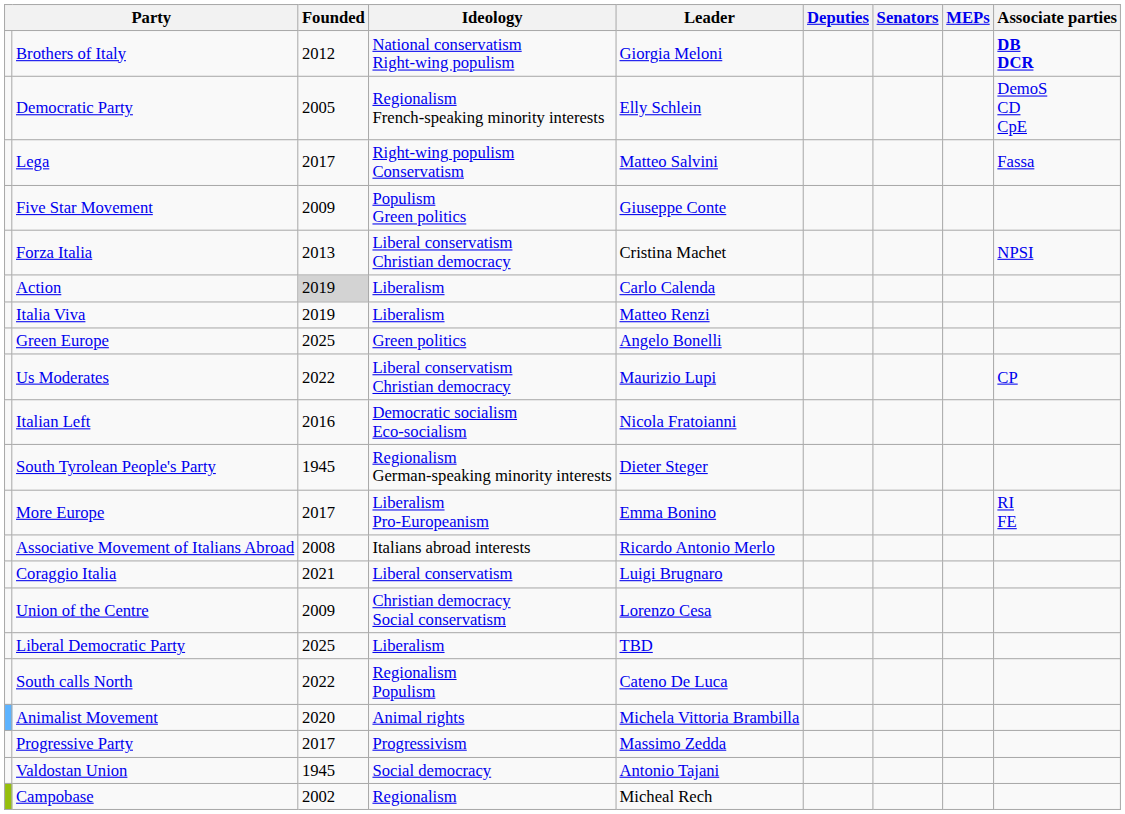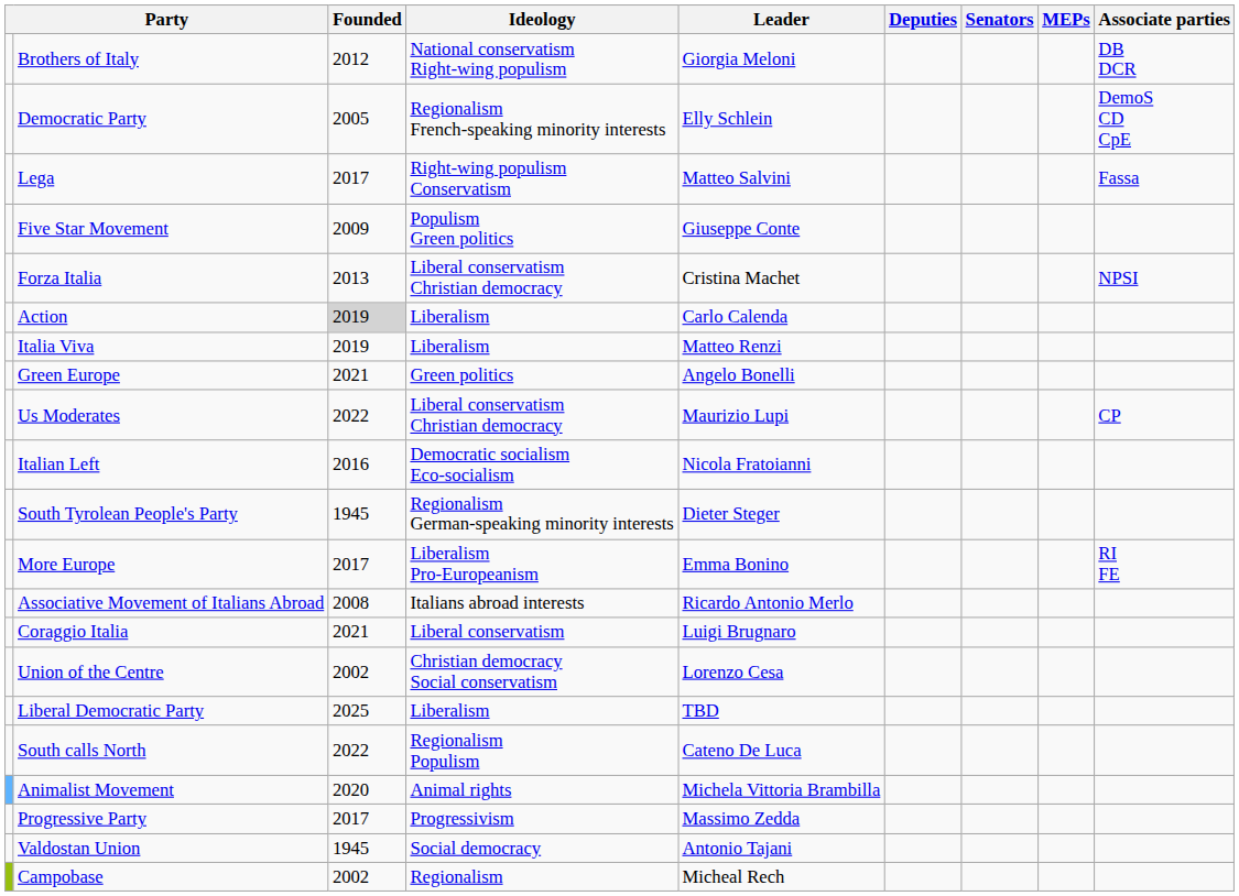 <table class="wikitable sortable">
 <tr>
 <th colspan="2">Party</th>
 <th>Founded</th>
 <th>Ideology</th>
 <th>Leader</th>
 <th><a href='#'>Deputies</a></th>
 <th><a href='#'>Senators</a></th>
 <th><a href='#'>MEPs</a></th>
 <th>Associate parties</th>
 </tr>
 <tr>
 <td></td>
 <td><a href='#'>Brothers of Italy</a><br></td>
 <td>2012</td>
 <td><a href='#'>National conservatism</a><br><a href='#'>Right-wing populism</a></td>
 <td><a href='#'>Giorgia Meloni</a></td>
 <td></td>
 <td></td>
 <td></td>
-<td><strong><a href='#'>DB</a><br><a href='#'>DCR</a></strong></td>
+<td><a href='#'>DB</a><br><a href='#'>DCR</a></td>
 </tr>
 <tr>
 <td></td>
 <td><a href='#'>Democratic Party</a><br></td>
 <td>2005</td>
 <td><a href='#'>Regionalism</a><br>French-speaking minority interests</td>
 <td><a href='#'>Elly Schlein</a></td>
 <td></td>
 <td></td>
 <td></td>
 <td><a href='#'>DemoS</a><br><a href='#'>CD</a><br><a href='#'>CpE</a></td>
 </tr>
 <tr>
 <td></td>
 <td><a href='#'>Lega</a></td>
 <td>2017</td>
 <td><a href='#'>Right-wing populism</a><br><a href='#'>Conservatism</a></td>
 <td><a href='#'>Matteo Salvini</a></td>
 <td></td>
 <td></td>
 <td></td>
 <td><a href='#'>Fassa</a></td>
 </tr>
 <tr>
 <td></td>
 <td><a href='#'>Five Star Movement</a><br></td>
 <td>2009</td>
 <td><a href='#'>Populism</a><br><a href='#'>Green politics</a></td>
 <td><a href='#'>Giuseppe Conte</a></td>
 <td></td>
 <td></td>
 <td></td>
 <td></td>
 </tr>
 <tr>
 <td style="background-color: "></td>
 <td><a href='#'>Forza Italia</a></td>
 <td>2013</td>
 <td><a href='#'>Liberal conservatism</a><br><a href='#'>Christian democracy</a></td>
 <td>Cristina Machet</td>
 <td></td>
 <td></td>
 <td></td>
 <td><a href='#'>NPSI</a></td>
 </tr>
 <tr>
 <td></td>
 <td><a href='#'>Action</a><br></td>
 <td style="background: lightgrey;">2019</td>
 <td><a href='#'>Liberalism</a></td>
 <td><a href='#'>Carlo Calenda</a></td>
 <td></td>
 <td></td>
 <td></td>
 <td></td>
 </tr>
 <tr>
 <td></td>
 <td><a href='#'>Italia Viva</a></td>
 <td>2019</td>
 <td><a href='#'>Liberalism</a></td>
 <td><a href='#'>Matteo Renzi</a></td>
 <td></td>
 <td></td>
 <td></td>
 <td></td>
 </tr>
 <tr>
 <td></td>
 <td><a href='#'>Green Europe</a><br></td>
-<td>2025</td>
+<td>2021</td>
 <td><a href='#'>Green politics</a></td>
 <td><a href='#'>Angelo Bonelli</a></td>
 <td></td>
 <td></td>
 <td></td>
 <td></td>
 </tr>
 <tr>
 <td></td>
 <td><a href='#'>Us Moderates</a><br></td>
 <td>2022</td>
 <td><a href='#'>Liberal conservatism</a><br><a href='#'>Christian democracy</a></td>
 <td><a href='#'>Maurizio Lupi</a></td>
 <td></td>
 <td></td>
 <td></td>
 <td><a href='#'>CP</a></td>
 </tr>
 <tr>
 <td></td>
 <td><a href='#'>Italian Left</a><br></td>
 <td>2016</td>
 <td><a href='#'>Democratic socialism</a><br><a href='#'>Eco-socialism</a></td>
 <td><a href='#'>Nicola Fratoianni</a></td>
 <td></td>
 <td></td>
 <td></td>
 <td></td>
 </tr>
 <tr>
 <td></td>
 <td><a href='#'>South Tyrolean People's Party</a><br></td>
 <td>1945</td>
 <td><a href='#'>Regionalism</a><br>German-speaking minority interests</td>
 <td><a href='#'>Dieter Steger</a></td>
 <td></td>
 <td></td>
 <td></td>
 <td></td>
 </tr>
 <tr>
 <td></td>
 <td><a href='#'>More Europe</a><br></td>
 <td>2017</td>
 <td><a href='#'>Liberalism</a><br><a href='#'>Pro-Europeanism</a></td>
 <td><a href='#'>Emma Bonino</a></td>
 <td></td>
 <td></td>
 <td></td>
 <td><a href='#'>RI</a><br><a href='#'>FE</a></td>
 </tr>
 <tr>
 <td></td>
 <td><a href='#'>Associative Movement of Italians Abroad</a><br></td>
 <td>2008</td>
 <td>Italians abroad interests</td>
 <td><a href='#'>Ricardo Antonio Merlo</a></td>
 <td></td>
 <td></td>
 <td></td>
 <td></td>
 </tr>
 <tr>
 <td></td>
 <td><a href='#'>Coraggio Italia</a></td>
 <td>2021</td>
 <td><a href='#'>Liberal conservatism</a></td>
 <td><a href='#'>Luigi Brugnaro</a></td>
 <td></td>
 <td></td>
 <td></td>
 <td></td>
 </tr>
 <tr>
 <td></td>
 <td><a href='#'>Union of the Centre</a><br></td>
-<td>2009</td>
+<td>2002</td>
 <td><a href='#'>Christian democracy</a><br><a href='#'>Social conservatism</a></td>
 <td><a href='#'>Lorenzo Cesa</a></td>
 <td></td>
 <td></td>
 <td></td>
 <td></td>
 </tr>
 <tr>
 <td></td>
 <td><a href='#'>Liberal Democratic Party</a><br></td>
 <td>2025</td>
 <td><a href='#'>Liberalism</a></td>
 <td><a href='#'>TBD</a></td>
 <td></td>
 <td></td>
 <td></td>
 </tr>
 <tr>
 <td></td>
 <td><a href='#'>South calls North</a><br></td>
 <td>2022</td>
 <td><a href='#'>Regionalism</a><br><a href='#'>Populism</a></td>
 <td><a href='#'>Cateno De Luca</a></td>
 <td></td>
 <td></td>
 <td></td>
 <td></td>
 </tr>
 <tr>
 <td bgcolor="#5CB3FF"></td>
 <td><a href='#'>Animalist Movement</a><br></td>
 <td>2020</td>
 <td><a href='#'>Animal rights</a></td>
 <td><a href='#'>Michela Vittoria Brambilla</a></td>
 <td></td>
 <td></td>
 <td></td>
 <td></td>
 </tr>
 <tr>
 <td></td>
 <td><a href='#'>Progressive Party</a><br></td>
 <td>2017</td>
 <td><a href='#'>Progressivism</a></td>
 <td><a href='#'>Massimo Zedda</a></td>
 <td></td>
 <td></td>
 <td></td>
 <td></td>
 </tr>
 <tr>
 <td></td>
 <td><a href='#'>Valdostan Union</a><br></td>
 <td>1945</td>
 <td><a href='#'>Social democracy</a></td>
 <td><a href='#'>Antonio Tajani</a></td>
 <td></td>
 <td></td>
 <td></td>
 <td></td>
 </tr>
 <tr>
 <td bgcolor="#96bf0d"></td>
 <td><a href='#'>Campobase</a></td>
 <td>2002</td>
 <td><a href='#'>Regionalism</a></td>
 <td>Micheal Rech</td>
 <td></td>
 <td></td>
 <td></td>
 <td></td>
 </tr>
 </table>
